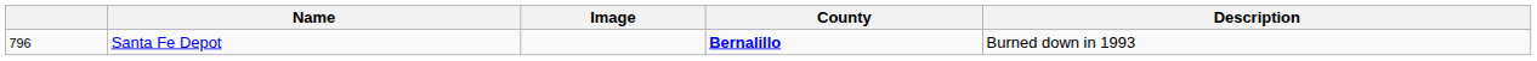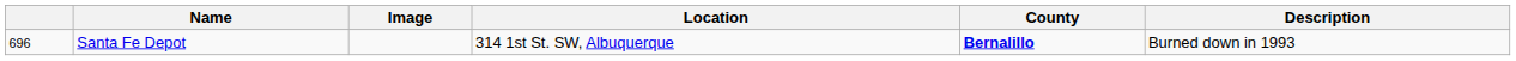 <table class="wikitable sortable" style="width:98%">
 <tr>
 <th style="background-color:"></th>
 <th style="background-color:">Name</th>
 <th style="background-color:">Image</th>
+<th style="background-color:">Location</th>
 <th style="background-color:">County</th>
 <th style="background-color:">Description</th>
 </tr>
 <tr>
-<td><small>796</small></td>
+<td><small>696</small></td>
 <td><a href='#'>Santa Fe Depot</a></td>
 <td></td>
+<td>314 1st St. SW, <a href='#'>Albuquerque</a><br><small></small></td>
 <td><strong><a href='#'>Bernalillo</a></strong></td>
 <td>Burned down in 1993</td>
 </tr>
 </table>
